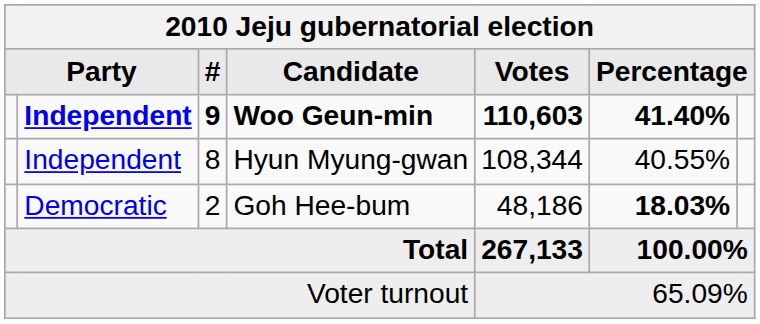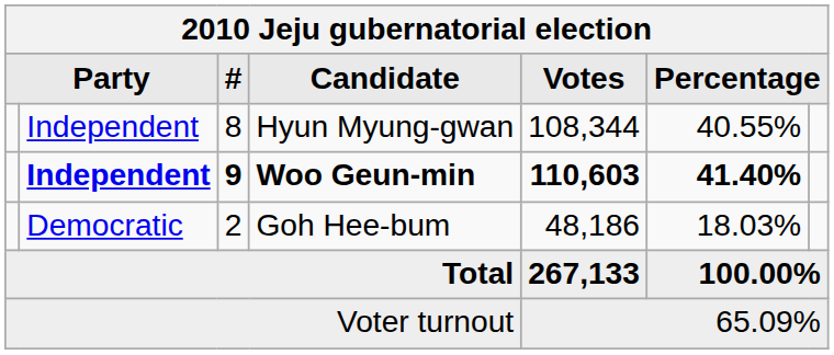 <table class="wikitable">
 <tr>
 <th colspan="7">2010 Jeju gubernatorial election</th>
 </tr>
 <tr>
 <th style="background-color:#E9E9E9" colspan=2>Party</th>
 <th style="background-color:#E9E9E9">#</th>
 <th style="background-color:#E9E9E9">Candidate</th>
 <th style="background-color:#E9E9E9">Votes</th>
 <th style="background-color:#E9E9E9" colspan=2>Percentage</th>
+</tr>
+<tr>
+<td></td>
+<td align=left><a href='#'>Independent</a></td>
+<td align=center>8</td>
+<td align=left>Hyun Myung-gwan</td>
+<td align=right>108,344</td>
+<td align=right>40.55%</td>
+<td align=right></td>
 </tr>
 <tr style="font-weight:bold">
 <td></td>
 <td align=left><a href='#'>Independent</a></td>
 <td align=center>9</td>
 <td align=left>Woo Geun-min</td>
 <td align=right>110,603</td>
 <td align=right>41.40%</td>
 <td align=right></td>
 </tr>
 <tr>
 <td></td>
-<td align=left><a href='#'>Independent</a></td>
-<td align=center>8</td>
-<td align=left>Hyun Myung-gwan</td>
-<td align=right>108,344</td>
-<td align=right>40.55%</td>
-<td align=right></td>
-</tr>
-<tr>
-<td></td>
 <td align=left><a href='#'>Democratic</a></td>
 <td align=center>2</td>
 <td align=left>Goh Hee-bum</td>
 <td align=right>48,186</td>
-<td align=right><strong>18.03%</strong></td>
+<td align=right>18.03%</td>
 <td align=right></td>
 </tr>
 <tr bgcolor="#EEEEEE" style="font-weight:bold">
 <td colspan="4" align=right>Total</td>
 <td align=right>267,133</td>
 <td align=right colspan=2>100.00%</td>
 </tr>
 <tr bgcolor="#EEEEEE">
 <td colspan="4" align="right">Voter turnout</td>
 <td colspan="3" align="right">65.09%</td>
 </tr>
 </table>
